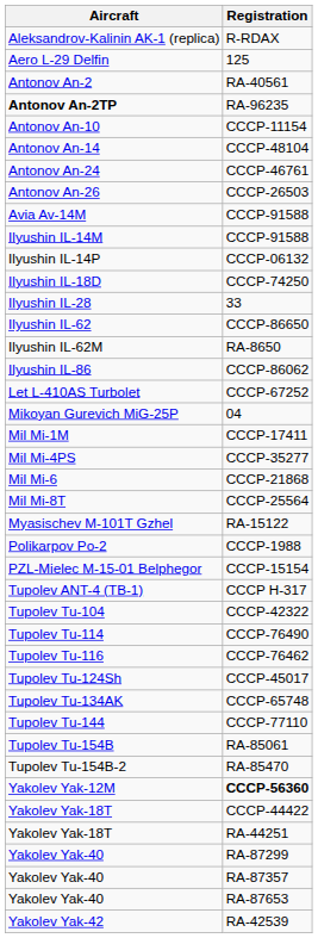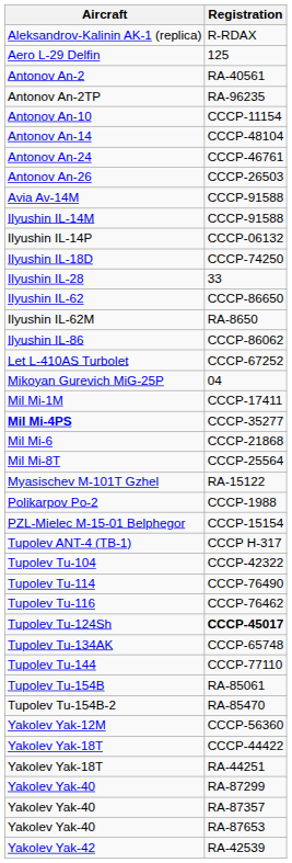 <table class="wikitable sortable">
 <tr>
 <th>Aircraft</th>
 <th>Registration</th>
 </tr>
 <tr>
 <td><a href='#'>Aleksandrov-Kalinin AK-1</a> (replica)</td>
 <td>R-RDAX</td>
 </tr>
 <tr>
 <td><a href='#'>Aero L-29 Delfin</a></td>
 <td>125</td>
 </tr>
 <tr>
 <td><a href='#'>Antonov An-2</a></td>
 <td>RA-40561</td>
 </tr>
 <tr>
-<td><strong>Antonov An-2TP</strong></td>
+<td>Antonov An-2TP</td>
 <td>RA-96235</td>
 </tr>
 <tr>
 <td><a href='#'>Antonov An-10</a></td>
 <td>CCCP-11154</td>
 </tr>
 <tr>
 <td><a href='#'>Antonov An-14</a></td>
 <td>CCCP-48104</td>
 </tr>
 <tr>
 <td><a href='#'>Antonov An-24</a></td>
 <td>CCCP-46761</td>
 </tr>
 <tr>
 <td><a href='#'>Antonov An-26</a></td>
 <td>CCCP-26503</td>
 </tr>
 <tr>
 <td><a href='#'>Avia Av-14M</a></td>
 <td>CCCP-91588</td>
 </tr>
 <tr>
 <td><a href='#'>Ilyushin IL-14M</a></td>
 <td>CCCP-91588</td>
 </tr>
 <tr>
 <td>Ilyushin IL-14P</td>
 <td>CCCP-06132</td>
 </tr>
 <tr>
 <td><a href='#'>Ilyushin IL-18D</a></td>
 <td>CCCP-74250</td>
 </tr>
 <tr>
 <td><a href='#'>Ilyushin IL-28</a></td>
 <td>33</td>
 </tr>
 <tr>
 <td><a href='#'>Ilyushin IL-62</a></td>
 <td>CCCP-86650</td>
 </tr>
 <tr>
 <td>Ilyushin IL-62M</td>
 <td>RA-8650</td>
 </tr>
 <tr>
 <td><a href='#'>Ilyushin IL-86</a></td>
 <td>CCCP-86062</td>
 </tr>
 <tr>
 <td><a href='#'>Let L-410AS Turbolet</a></td>
 <td>CCCP-67252</td>
 </tr>
 <tr>
 <td><a href='#'>Mikoyan Gurevich MiG-25P</a></td>
 <td>04</td>
 </tr>
 <tr>
 <td><a href='#'>Mil Mi-1M</a></td>
 <td>CCCP-17411</td>
 </tr>
 <tr>
-<td><a href='#'>Mil Mi-4PS</a></td>
+<td><strong><a href='#'>Mil Mi-4PS</a></strong></td>
 <td>CCCP-35277</td>
 </tr>
 <tr>
 <td><a href='#'>Mil Mi-6</a></td>
 <td>CCCP-21868</td>
 </tr>
 <tr>
 <td><a href='#'>Mil Mi-8T</a></td>
 <td>CCCP-25564</td>
 </tr>
 <tr>
 <td><a href='#'>Myasischev M-101T Gzhel</a></td>
 <td>RA-15122</td>
 </tr>
 <tr>
 <td><a href='#'>Polikarpov Po-2</a></td>
 <td>CCCP-1988</td>
 </tr>
 <tr>
 <td><a href='#'>PZL-Mielec M-15-01 Belphegor</a></td>
 <td>CCCP-15154</td>
 </tr>
 <tr>
 <td><a href='#'>Tupolev ANT-4 (TB-1)</a></td>
 <td>CCCP H-317</td>
 </tr>
 <tr>
 <td><a href='#'>Tupolev Tu-104</a></td>
 <td>CCCP-42322</td>
 </tr>
 <tr>
 <td><a href='#'>Tupolev Tu-114</a></td>
 <td>CCCP-76490</td>
 </tr>
 <tr>
 <td><a href='#'>Tupolev Tu-116</a></td>
 <td>CCCP-76462</td>
 </tr>
 <tr>
 <td><a href='#'>Tupolev Tu-124Sh</a></td>
-<td>CCCP-45017</td>
+<td><strong>CCCP-45017</strong></td>
 </tr>
 <tr>
 <td><a href='#'>Tupolev Tu-134AK</a></td>
 <td>CCCP-65748</td>
 </tr>
 <tr>
 <td><a href='#'>Tupolev Tu-144</a></td>
 <td>CCCP-77110</td>
 </tr>
 <tr>
 <td><a href='#'>Tupolev Tu-154B</a></td>
 <td>RA-85061</td>
 </tr>
 <tr>
 <td>Tupolev Tu-154B-2</td>
 <td>RA-85470</td>
 </tr>
 <tr>
 <td><a href='#'>Yakolev Yak-12M</a></td>
-<td><strong>CCCP-56360</strong></td>
+<td>CCCP-56360</td>
 </tr>
 <tr>
 <td><a href='#'>Yakolev Yak-18T</a></td>
 <td>CCCP-44422</td>
 </tr>
 <tr>
 <td>Yakolev Yak-18T</td>
 <td>RA-44251</td>
 </tr>
 <tr>
 <td><a href='#'>Yakolev Yak-40</a></td>
 <td>RA-87299</td>
 </tr>
 <tr>
 <td>Yakolev Yak-40</td>
 <td>RA-87357</td>
 </tr>
 <tr>
 <td>Yakolev Yak-40</td>
 <td>RA-87653</td>
 </tr>
 <tr>
 <td><a href='#'>Yakolev Yak-42</a></td>
 <td>RA-42539</td>
 </tr>
 </table>
